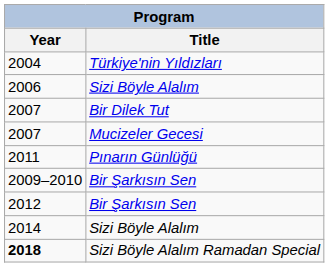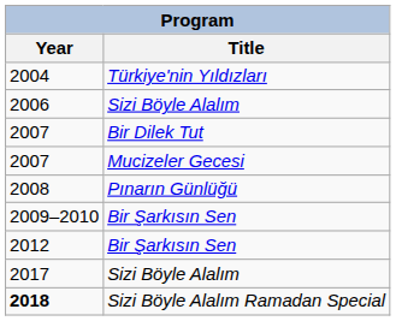 <table class="wikitable" style="font-size: 90%;">
 <tr>
 <th colspan="2" style="background: LightSteelBlue;">Program</th>
 </tr>
 <tr>
 <th>Year</th>
 <th>Title</th>
 </tr>
 <tr>
 <td>2004</td>
 <td><em><a href='#'>Türkiye'nin Yıldızları</a></em></td>
 </tr>
 <tr>
 <td>2006</td>
 <td><em><a href='#'>Sizi Böyle Alalım</a></em></td>
 </tr>
 <tr>
 <td>2007</td>
 <td><em><a href='#'>Bir Dilek Tut</a></em></td>
 </tr>
 <tr>
 <td>2007</td>
 <td><em><a href='#'>Mucizeler Gecesi</a></em></td>
 </tr>
 <tr>
-<td>2011</td>
+<td>2008</td>
 <td><em><a href='#'>Pınarın Günlüğü</a></em></td>
 </tr>
 <tr>
 <td>2009–2010</td>
 <td><em><a href='#'>Bir Şarkısın Sen</a></em></td>
 </tr>
 <tr>
 <td>2012</td>
 <td><em><a href='#'>Bir Şarkısın Sen</a></em></td>
 </tr>
 <tr>
-<td>2014</td>
+<td>2017</td>
 <td><em>Sizi Böyle Alalım</em></td>
 </tr>
 <tr>
 <td><strong>2018</strong></td>
 <td><em>Sizi Böyle Alalım Ramadan Special</em></td>
 </tr>
 </table>
